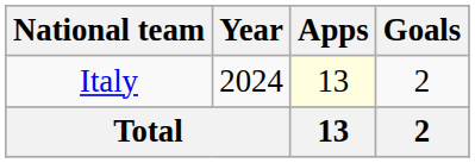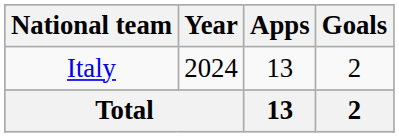 <table class="wikitable" style="text-align: center;">
 <tr>
 <th>National team</th>
 <th>Year</th>
 <th>Apps</th>
 <th>Goals</th>
 </tr>
 <tr>
 <td><a href='#'>Italy</a></td>
 <td>2024</td>
-<td style="background: lightyellow;">13</td>
+<td>13</td>
 <td>2</td>
 </tr>
 <tr>
 <th colspan="2">Total</th>
 <th>13</th>
 <th>2</th>
 </tr>
 </table>
